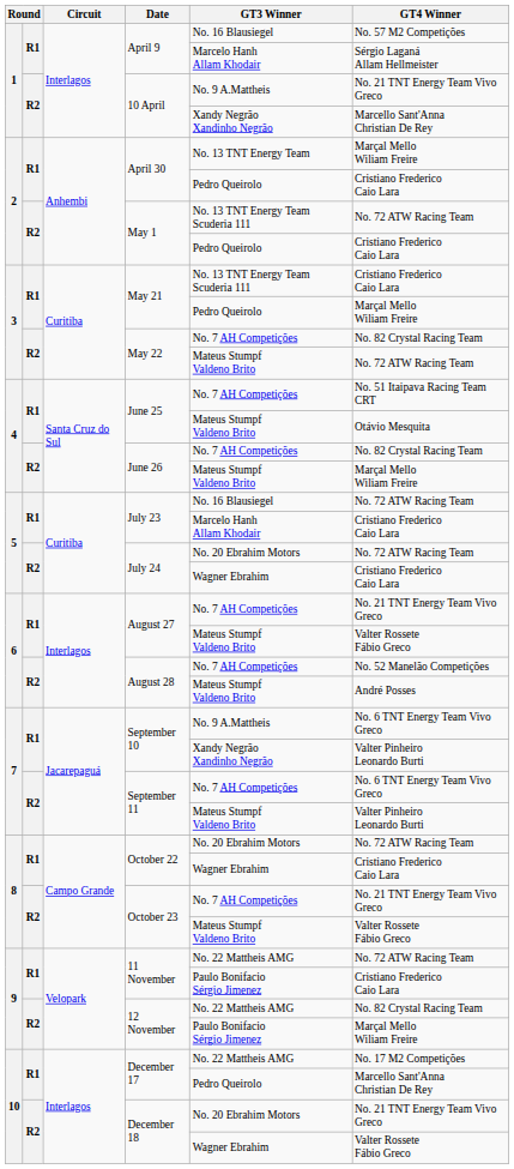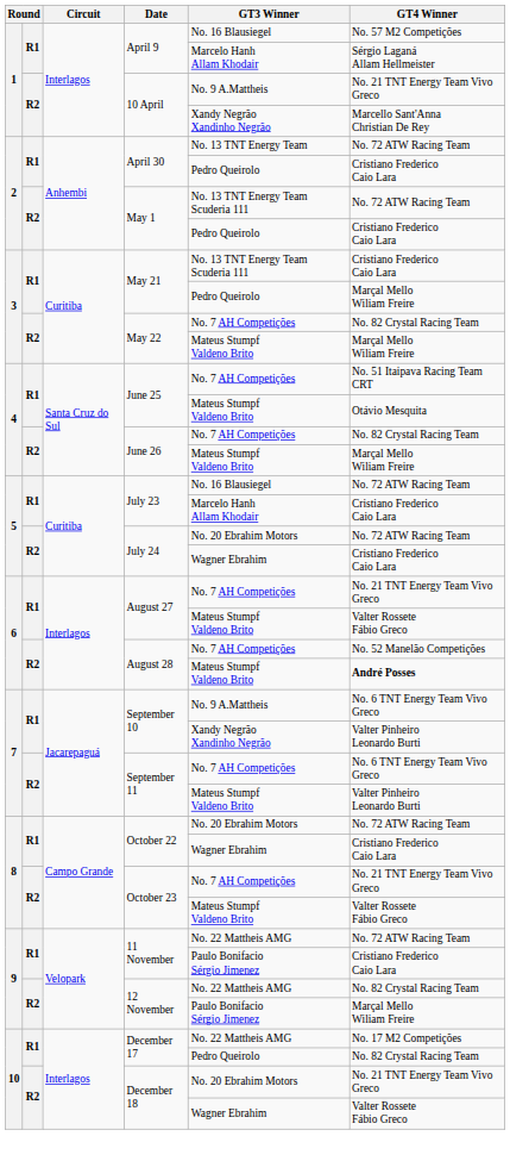 <table class="wikitable" style="font-size: 85%;">
 <tr>
 <th colspan=2>Round</th>
 <th>Circuit</th>
 <th>Date</th>
 <th>GT3 Winner</th>
 <th>GT4 Winner</th>
 </tr>
 <tr>
 <th rowspan=4>1</th>
 <th rowspan=2>R1</th>
 <td rowspan=4><a href='#'>Interlagos</a></td>
 <td rowspan=2>April 9</td>
 <td>No. 16 Blausiegel</td>
 <td>No. 57 M2 Competições</td>
 </tr>
 <tr>
 <td> Marcelo Hanh<br> <a href='#'>Allam Khodair</a></td>
 <td> Sérgio Laganá <br> Allam Hellmeister</td>
 </tr>
 <tr>
 <th rowspan=2>R2</th>
 <td rowspan=2>10 April</td>
 <td>No. 9 A.Mattheis</td>
 <td>No. 21 TNT Energy Team Vivo Greco</td>
 </tr>
 <tr>
 <td> Xandy Negrão<br> <a href='#'>Xandinho Negrão</a></td>
 <td> Marcello Sant'Anna<br> Christian De Rey</td>
 </tr>
 <tr>
 <th rowspan=4>2</th>
 <th rowspan=2>R1</th>
 <td rowspan=4><a href='#'>Anhembi</a></td>
 <td rowspan=2>April 30</td>
 <td>No. 13 TNT Energy Team</td>
-<td> Marçal Mello<br> Wiliam Freire</td>
+<td>No. 72 ATW Racing Team</td>
 </tr>
 <tr>
 <td> Pedro Queirolo</td>
 <td> Cristiano Frederico<br> Caio Lara</td>
 </tr>
 <tr>
 <th rowspan=2>R2</th>
 <td rowspan=2>May 1</td>
 <td>No. 13 TNT Energy Team Scuderia 111</td>
 <td>No. 72 ATW Racing Team</td>
 </tr>
 <tr>
 <td> Pedro Queirolo</td>
 <td> Cristiano Frederico<br> Caio Lara</td>
 </tr>
 <tr>
 <th rowspan=4>3</th>
 <th rowspan=2>R1</th>
 <td rowspan=4><a href='#'>Curitiba</a></td>
 <td rowspan=2>May 21</td>
 <td>No. 13 TNT Energy Team Scuderia 111</td>
 <td> Cristiano Frederico<br> Caio Lara</td>
 </tr>
 <tr>
 <td> Pedro Queirolo</td>
 <td> Marçal Mello<br> Wiliam Freire</td>
 </tr>
 <tr>
 <th rowspan=2>R2</th>
 <td rowspan=2>May 22</td>
 <td>No. 7 <a href='#'>AH Competições</a></td>
 <td>No. 82 Crystal Racing Team</td>
 </tr>
 <tr>
 <td> Mateus Stumpf<br> <a href='#'>Valdeno Brito</a></td>
-<td>No. 72 ATW Racing Team</td>
+<td> Marçal Mello<br> Wiliam Freire</td>
 </tr>
 <tr>
 <th rowspan=4>4</th>
 <th rowspan=2>R1</th>
 <td rowspan=4><a href='#'>Santa Cruz do Sul</a></td>
 <td rowspan=2>June 25</td>
 <td>No. 7 <a href='#'>AH Competições</a></td>
 <td>No. 51 Itaipava Racing Team CRT</td>
 </tr>
 <tr>
 <td> Mateus Stumpf<br> <a href='#'>Valdeno Brito</a></td>
 <td> Otávio Mesquita</td>
 </tr>
 <tr>
 <th rowspan=2>R2</th>
 <td rowspan=2>June 26</td>
 <td>No. 7 <a href='#'>AH Competições</a></td>
 <td>No. 82 Crystal Racing Team</td>
 </tr>
 <tr>
 <td> Mateus Stumpf<br> <a href='#'>Valdeno Brito</a></td>
 <td> Marçal Mello<br> Wiliam Freire</td>
 </tr>
 <tr>
 <th rowspan=4>5</th>
 <th rowspan=2>R1</th>
 <td rowspan=4><a href='#'>Curitiba</a></td>
 <td rowspan=2>July 23</td>
 <td>No. 16 Blausiegel</td>
 <td>No. 72 ATW Racing Team</td>
 </tr>
 <tr>
 <td> Marcelo Hanh<br> <a href='#'>Allam Khodair</a></td>
 <td> Cristiano Frederico<br> Caio Lara</td>
 </tr>
 <tr>
 <th rowspan=2>R2</th>
 <td rowspan=2>July 24</td>
 <td>No. 20 Ebrahim Motors</td>
 <td>No. 72 ATW Racing Team</td>
 </tr>
 <tr>
 <td> Wagner Ebrahim</td>
 <td> Cristiano Frederico<br> Caio Lara</td>
 </tr>
 <tr>
 <th rowspan=4>6</th>
 <th rowspan=2>R1</th>
 <td rowspan=4><a href='#'>Interlagos</a></td>
 <td rowspan=2>August 27</td>
 <td>No. 7 <a href='#'>AH Competições</a></td>
 <td>No. 21 TNT Energy Team Vivo Greco</td>
 </tr>
 <tr>
 <td> Mateus Stumpf<br> <a href='#'>Valdeno Brito</a></td>
 <td> Valter Rossete<br> Fábio Greco</td>
 </tr>
 <tr>
 <th rowspan=2>R2</th>
 <td rowspan=2>August 28</td>
 <td>No. 7 <a href='#'>AH Competições</a></td>
 <td>No. 52 Manelão Competições</td>
 </tr>
 <tr>
 <td> Mateus Stumpf<br> <a href='#'>Valdeno Brito</a></td>
-<td> André Posses</td>
+<td><strong> André Posses</strong></td>
 </tr>
 <tr>
 <th rowspan=4>7</th>
 <th rowspan=2>R1</th>
 <td rowspan=4><a href='#'>Jacarepaguá</a></td>
 <td rowspan=2>September 10</td>
 <td>No. 9 A.Mattheis</td>
 <td>No. 6 TNT Energy Team Vivo Greco</td>
 </tr>
 <tr>
 <td> Xandy Negrão<br> <a href='#'>Xandinho Negrão</a></td>
 <td> Valter Pinheiro<br> Leonardo Burti</td>
 </tr>
 <tr>
 <th rowspan=2>R2</th>
 <td rowspan=2>September 11</td>
 <td>No. 7 <a href='#'>AH Competições</a></td>
 <td>No. 6 TNT Energy Team Vivo Greco</td>
 </tr>
 <tr>
 <td> Mateus Stumpf<br> <a href='#'>Valdeno Brito</a></td>
 <td> Valter Pinheiro<br> Leonardo Burti</td>
 </tr>
 <tr>
 <th rowspan=4>8</th>
 <th rowspan=2>R1</th>
 <td rowspan=4><a href='#'>Campo Grande</a></td>
 <td rowspan=2>October 22</td>
 <td>No. 20 Ebrahim Motors</td>
 <td>No. 72 ATW Racing Team</td>
 </tr>
 <tr>
 <td> Wagner Ebrahim</td>
 <td> Cristiano Frederico<br> Caio Lara</td>
 </tr>
 <tr>
 <th rowspan=2>R2</th>
 <td rowspan=2>October 23</td>
 <td>No. 7 <a href='#'>AH Competições</a></td>
 <td>No. 21 TNT Energy Team Vivo Greco</td>
 </tr>
 <tr>
 <td> Mateus Stumpf<br> <a href='#'>Valdeno Brito</a></td>
 <td> Valter Rossete<br> Fábio Greco</td>
 </tr>
 <tr>
 <th rowspan=4>9</th>
 <th rowspan=2>R1</th>
 <td rowspan=4><a href='#'>Velopark</a></td>
 <td rowspan=2>11 November</td>
 <td>No. 22 Mattheis AMG</td>
 <td>No. 72 ATW Racing Team</td>
 </tr>
 <tr>
 <td> Paulo Bonifacio<br> <a href='#'>Sérgio Jimenez</a></td>
 <td> Cristiano Frederico<br> Caio Lara</td>
 </tr>
 <tr>
 <th rowspan=2>R2</th>
 <td rowspan=2>12 November</td>
 <td>No. 22 Mattheis AMG</td>
 <td>No. 82 Crystal Racing Team</td>
 </tr>
 <tr>
 <td> Paulo Bonifacio<br> <a href='#'>Sérgio Jimenez</a></td>
 <td> Marçal Mello<br> Wiliam Freire</td>
 </tr>
 <tr>
 <th rowspan=4>10</th>
 <th rowspan=2>R1</th>
 <td rowspan=4><a href='#'>Interlagos</a></td>
 <td rowspan=2>December 17</td>
 <td>No. 22 Mattheis AMG</td>
 <td>No. 17 M2 Competições</td>
 </tr>
 <tr>
 <td> Pedro Queirolo</td>
-<td> Marcello Sant'Anna<br> Christian De Rey</td>
+<td>No. 82 Crystal Racing Team</td>
 </tr>
 <tr>
 <th rowspan=2>R2</th>
 <td rowspan=2>December 18</td>
 <td>No. 20 Ebrahim Motors</td>
 <td>No. 21 TNT Energy Team Vivo Greco</td>
 </tr>
 <tr>
 <td> Wagner Ebrahim</td>
 <td> Valter Rossete<br> Fábio Greco</td>
 </tr>
 </table>
